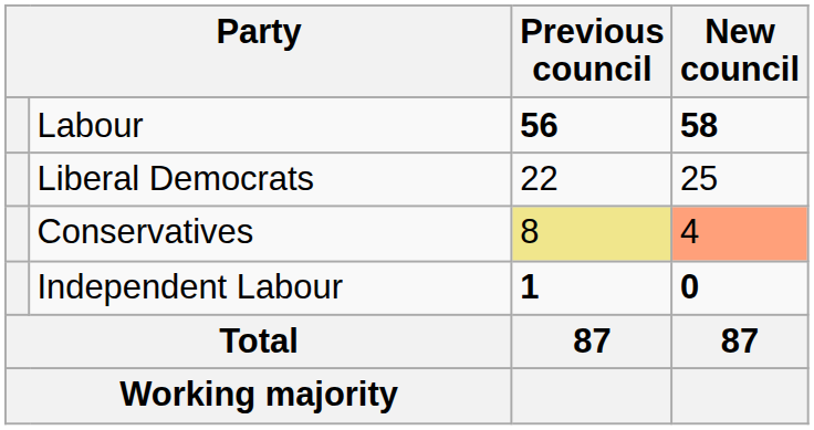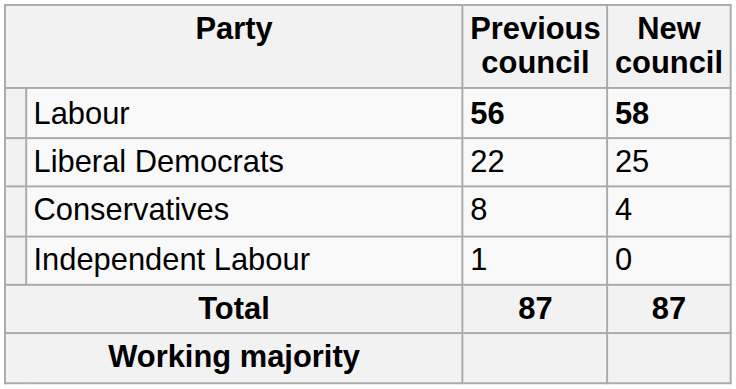 <table class="wikitable">
 <tr>
 <th valign=top colspan="2" style="width: 230px">Party</th>
 <th valign=top style="width: 30px">Previous council</th>
 <th valign=top style="width: 30px">New council</th>
 </tr>
 <tr>
 <th style="background-color: "></th>
 <td>Labour</td>
 <td><strong>56</strong></td>
 <td><strong>58</strong></td>
 </tr>
 <tr>
 <th style="background-color: "></th>
 <td>Liberal Democrats</td>
 <td>22</td>
 <td>25</td>
 </tr>
 <tr>
 <th style="background-color: "></th>
 <td>Conservatives</td>
-<td style="background: khaki;">8</td>
-<td style="background: lightsalmon;">4</td>
+<td>8</td>
+<td>4</td>
 </tr>
 <tr>
 <th style="background-color: "></th>
 <td>Independent Labour</td>
-<td><strong>1</strong></td>
-<td><strong>0</strong></td>
+<td>1</td>
+<td>0</td>
 </tr>
 <tr>
 <th colspan=2>Total</th>
 <th style="text-align: center">87</th>
 <th colspan=3>87</th>
 </tr>
 <tr>
 <th colspan=2>Working majority</th>
 <th></th>
 <th></th>
 </tr>
 </table>
